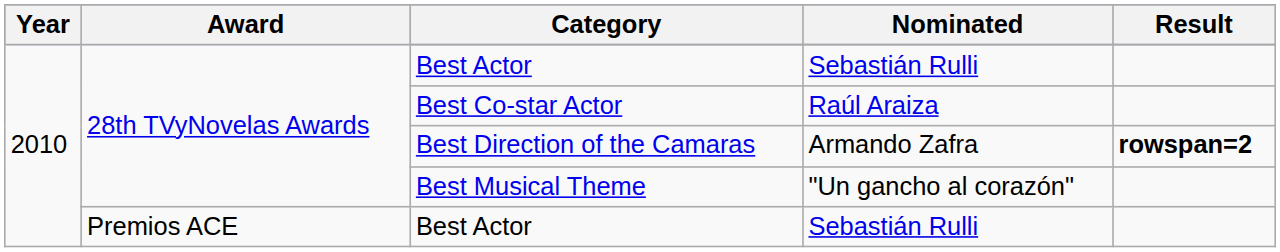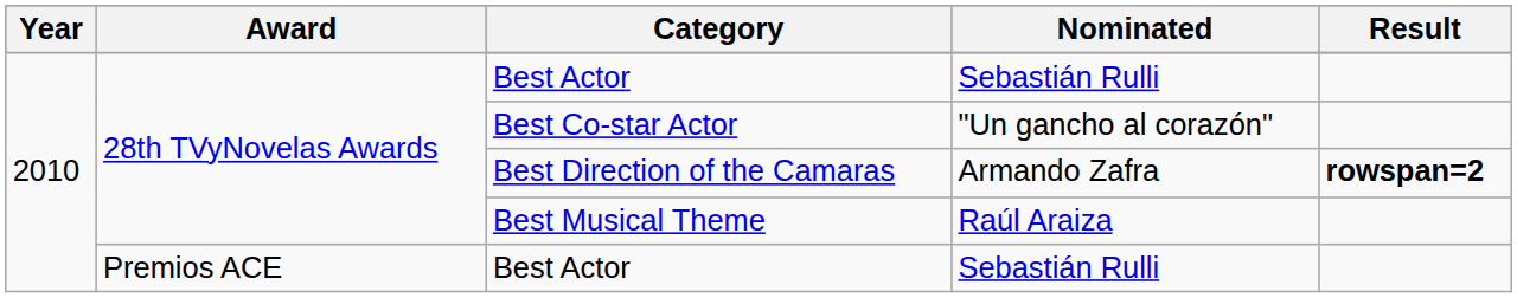 <table class="wikitable" width=800px>
 <tr style="background:#96c; text-align:center;">
 <th>Year</th>
 <th>Award</th>
 <th>Category</th>
 <th>Nominated</th>
 <th>Result</th>
 </tr>
 <tr>
 <td rowspan="6">2010</td>
 <td rowspan="5"><a href='#'>28th TVyNovelas Awards</a></td>
 </tr>
 <tr>
 <td><a href='#'>Best Actor</a></td>
 <td><a href='#'>Sebastián Rulli</a></td>
 <td></td>
 </tr>
 <tr>
 <td><a href='#'>Best Co-star Actor</a></td>
-<td><a href='#'>Raúl Araiza</a></td>
+<td>"Un gancho al corazón"</td>
 <td></td>
 </tr>
 <tr>
 <td><a href='#'>Best Direction of the Camaras</a></td>
 <td>Armando Zafra</td>
 <td><strong>rowspan=2 </strong></td>
 </tr>
 <tr>
 <td><a href='#'>Best Musical Theme</a></td>
-<td>"Un gancho al corazón"</td>
+<td><a href='#'>Raúl Araiza</a></td>
 </tr>
 <tr>
 <td>Premios ACE</td>
 <td>Best Actor</td>
 <td><a href='#'>Sebastián Rulli</a></td>
 <td></td>
 </tr>
 </table>
